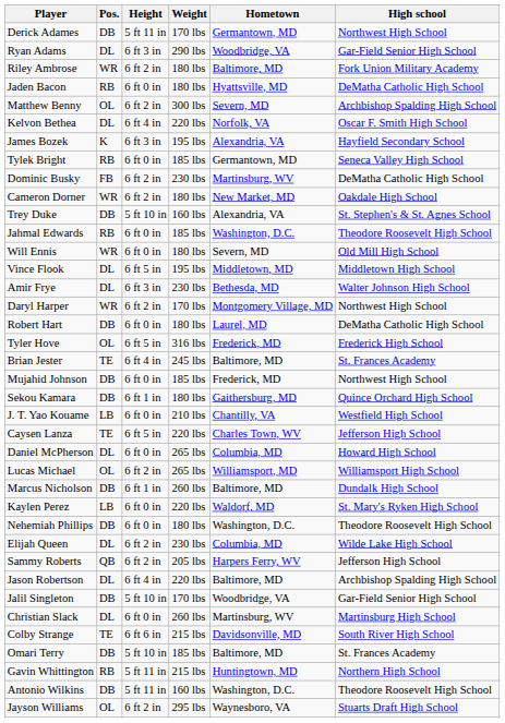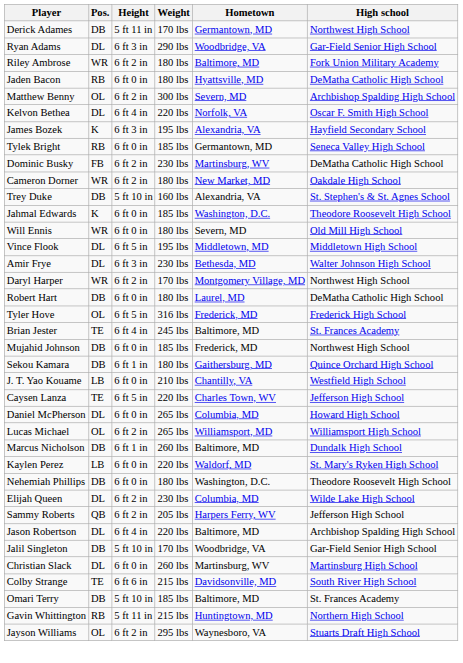 <table class="wikitable sortable">
 <tr>
 <th style="text-align:center; ">Player</th>
 <th style="text-align:center; ">Pos.</th>
 <th style="text-align:center; ">Height</th>
 <th style="text-align:center; ">Weight</th>
 <th style="text-align:center; ">Hometown</th>
 <th style="text-align:center; ">High school</th>
 </tr>
 <tr>
 <td>Derick Adames</td>
 <td>DB</td>
 <td>5 ft 11 in</td>
 <td>170 lbs</td>
 <td><a href='#'>Germantown, MD</a></td>
 <td><a href='#'>Northwest High School</a></td>
 </tr>
 <tr>
 <td>Ryan Adams</td>
 <td>DL</td>
 <td>6 ft 3 in</td>
 <td>290 lbs</td>
 <td><a href='#'>Woodbridge, VA</a></td>
 <td><a href='#'>Gar-Field Senior High School</a></td>
 </tr>
 <tr>
 <td>Riley Ambrose</td>
 <td>WR</td>
 <td>6 ft 2 in</td>
 <td>180 lbs</td>
 <td><a href='#'>Baltimore, MD</a></td>
 <td><a href='#'>Fork Union Military Academy</a></td>
 </tr>
 <tr>
 <td>Jaden Bacon</td>
 <td>RB</td>
 <td>6 ft 0 in</td>
 <td>180 lbs</td>
 <td><a href='#'>Hyattsville, MD</a></td>
 <td><a href='#'>DeMatha Catholic High School</a></td>
 </tr>
 <tr>
 <td>Matthew Benny</td>
 <td>OL</td>
 <td>6 ft 2 in</td>
 <td>300 lbs</td>
 <td><a href='#'>Severn, MD</a></td>
 <td><a href='#'>Archbishop Spalding High School</a></td>
 </tr>
 <tr>
 <td>Kelvon Bethea</td>
 <td>DL</td>
 <td>6 ft 4 in</td>
 <td>220 lbs</td>
 <td><a href='#'>Norfolk, VA</a></td>
 <td><a href='#'>Oscar F. Smith High School</a></td>
 </tr>
 <tr>
 <td>James Bozek</td>
 <td>K</td>
 <td>6 ft 3 in</td>
 <td>195 lbs</td>
 <td><a href='#'>Alexandria, VA</a></td>
 <td><a href='#'>Hayfield Secondary School</a></td>
 </tr>
 <tr>
 <td>Tylek Bright</td>
 <td>RB</td>
 <td>6 ft 0 in</td>
 <td>185 lbs</td>
 <td>Germantown, MD</td>
 <td><a href='#'>Seneca Valley High School</a></td>
 </tr>
 <tr>
 <td>Dominic Busky</td>
 <td>FB</td>
 <td>6 ft 2 in</td>
 <td>230 lbs</td>
 <td><a href='#'>Martinsburg, WV</a></td>
 <td>DeMatha Catholic High School</td>
 </tr>
 <tr>
 <td>Cameron Dorner</td>
 <td>WR</td>
 <td>6 ft 2 in</td>
 <td>180 lbs</td>
 <td><a href='#'>New Market, MD</a></td>
 <td><a href='#'>Oakdale High School</a></td>
 </tr>
 <tr>
 <td>Trey Duke</td>
 <td>DB</td>
 <td>5 ft 10 in</td>
 <td>160 lbs</td>
 <td>Alexandria, VA</td>
 <td><a href='#'>St. Stephen's & St. Agnes School</a></td>
 </tr>
 <tr>
 <td>Jahmal Edwards</td>
-<td>RB</td>
+<td>K</td>
 <td>6 ft 0 in</td>
 <td>185 lbs</td>
 <td><a href='#'>Washington, D.C.</a></td>
 <td><a href='#'>Theodore Roosevelt High School</a></td>
 </tr>
 <tr>
 <td>Will Ennis</td>
 <td>WR</td>
 <td>6 ft 0 in</td>
 <td>180 lbs</td>
 <td>Severn, MD</td>
 <td><a href='#'>Old Mill High School</a></td>
 </tr>
 <tr>
 <td>Vince Flook</td>
 <td>DL</td>
 <td>6 ft 5 in</td>
 <td>195 lbs</td>
 <td><a href='#'>Middletown, MD</a></td>
 <td><a href='#'>Middletown High School</a></td>
 </tr>
 <tr>
 <td>Amir Frye</td>
 <td>DL</td>
 <td>6 ft 3 in</td>
 <td>230 lbs</td>
 <td><a href='#'>Bethesda, MD</a></td>
 <td><a href='#'>Walter Johnson High School</a></td>
 </tr>
 <tr>
 <td>Daryl Harper</td>
 <td>WR</td>
 <td>6 ft 2 in</td>
 <td>170 lbs</td>
 <td><a href='#'>Montgomery Village, MD</a></td>
 <td>Northwest High School</td>
 </tr>
 <tr>
 <td>Robert Hart</td>
 <td>DB</td>
 <td>6 ft 0 in</td>
 <td>180 lbs</td>
 <td><a href='#'>Laurel, MD</a></td>
 <td>DeMatha Catholic High School</td>
 </tr>
 <tr>
 <td>Tyler Hove</td>
 <td>OL</td>
 <td>6 ft 5 in</td>
 <td>316 lbs</td>
 <td><a href='#'>Frederick, MD</a></td>
 <td><a href='#'>Frederick High School</a></td>
 </tr>
 <tr>
 <td>Brian Jester</td>
 <td>TE</td>
 <td>6 ft 4 in</td>
 <td>245 lbs</td>
 <td>Baltimore, MD</td>
 <td><a href='#'>St. Frances Academy</a></td>
 </tr>
 <tr>
 <td>Mujahid Johnson</td>
 <td>DB</td>
 <td>6 ft 0 in</td>
 <td>185 lbs</td>
 <td>Frederick, MD</td>
 <td>Northwest High School</td>
 </tr>
 <tr>
 <td>Sekou  Kamara</td>
 <td>DB</td>
 <td>6 ft 1 in</td>
 <td>180 lbs</td>
 <td><a href='#'>Gaithersburg, MD</a></td>
 <td><a href='#'>Quince Orchard High School</a></td>
 </tr>
 <tr>
 <td>J. T. Yao Kouame</td>
 <td>LB</td>
 <td>6 ft 0 in</td>
 <td>210 lbs</td>
 <td><a href='#'>Chantilly, VA</a></td>
 <td><a href='#'>Westfield High School</a></td>
 </tr>
 <tr>
 <td>Caysen Lanza</td>
 <td>TE</td>
 <td>6 ft 5 in</td>
 <td>220 lbs</td>
 <td><a href='#'>Charles Town, WV</a></td>
 <td><a href='#'>Jefferson High School</a></td>
 </tr>
 <tr>
 <td>Daniel McPherson</td>
 <td>DL</td>
 <td>6 ft 0 in</td>
 <td>265 lbs</td>
 <td><a href='#'>Columbia, MD</a></td>
 <td><a href='#'>Howard High School</a></td>
 </tr>
 <tr>
 <td>Lucas  Michael</td>
 <td>OL</td>
 <td>6 ft 2 in</td>
 <td>265 lbs</td>
 <td><a href='#'>Williamsport, MD</a></td>
 <td><a href='#'>Williamsport High School</a></td>
 </tr>
 <tr>
 <td>Marcus Nicholson</td>
 <td>DB</td>
 <td>6 ft 1 in</td>
 <td>260 lbs</td>
 <td>Baltimore, MD</td>
 <td><a href='#'>Dundalk High School</a></td>
 </tr>
 <tr>
 <td>Kaylen Perez</td>
 <td>LB</td>
 <td>6 ft 0 in</td>
 <td>220 lbs</td>
 <td><a href='#'>Waldorf, MD</a></td>
 <td><a href='#'>St. Mary's Ryken High School</a></td>
 </tr>
 <tr>
 <td>Nehemiah Phillips</td>
 <td>DB</td>
 <td>6 ft 0 in</td>
 <td>180 lbs</td>
 <td>Washington, D.C.</td>
 <td>Theodore Roosevelt High School</td>
 </tr>
 <tr>
 <td>Elijah Queen</td>
 <td>DL</td>
 <td>6 ft 2 in</td>
 <td>230 lbs</td>
 <td><a href='#'>Columbia, MD</a></td>
 <td><a href='#'>Wilde Lake High School</a></td>
 </tr>
 <tr>
 <td>Sammy Roberts</td>
 <td>QB</td>
 <td>6 ft 2 in</td>
 <td>205 lbs</td>
 <td><a href='#'>Harpers Ferry, WV</a></td>
 <td>Jefferson High School</td>
 </tr>
 <tr>
 <td>Jason Robertson</td>
 <td>DL</td>
 <td>6 ft 4 in</td>
 <td>220 lbs</td>
 <td>Baltimore, MD</td>
 <td>Archbishop Spalding High School</td>
 </tr>
 <tr>
 <td>Jalil Singleton</td>
 <td>DB</td>
 <td>5 ft 10 in</td>
 <td>170 lbs</td>
 <td>Woodbridge, VA</td>
 <td>Gar-Field Senior High School</td>
 </tr>
 <tr>
 <td>Christian Slack</td>
 <td>DL</td>
 <td>6 ft 0 in</td>
 <td>260 lbs</td>
 <td>Martinsburg, WV</td>
 <td><a href='#'>Martinsburg High School</a></td>
 </tr>
 <tr>
 <td>Colby Strange</td>
 <td>TE</td>
 <td>6 ft 6 in</td>
 <td>215 lbs</td>
 <td><a href='#'>Davidsonville, MD</a></td>
 <td><a href='#'>South River High School</a></td>
 </tr>
 <tr>
 <td>Omari Terry</td>
 <td>DB</td>
 <td>5 ft 10 in</td>
 <td>185 lbs</td>
 <td>Baltimore, MD</td>
 <td>St. Frances Academy</td>
 </tr>
 <tr>
 <td>Gavin  Whittington</td>
 <td>RB</td>
 <td>5 ft 11 in</td>
 <td>215 lbs</td>
 <td><a href='#'>Huntingtown, MD</a></td>
 <td><a href='#'>Northern High School</a></td>
 </tr>
 <tr>
-<td>Antonio Wilkins</td>
-<td>DB</td>
-<td>5 ft 11 in</td>
-<td>160 lbs</td>
-<td>Washington, D.C.</td>
-<td>Theodore Roosevelt High School</td>
-</tr>
-<tr>
 <td>Jayson Williams</td>
 <td>OL</td>
 <td>6 ft 2 in</td>
 <td>295 lbs</td>
 <td>Waynesboro, VA</td>
 <td><a href='#'>Stuarts Draft High School</a></td>
 </tr>
 </table>
